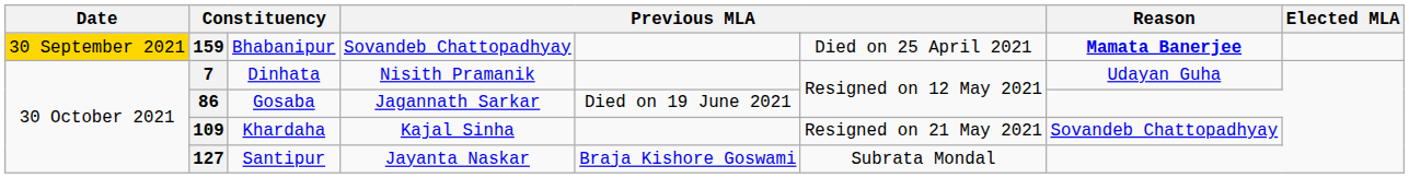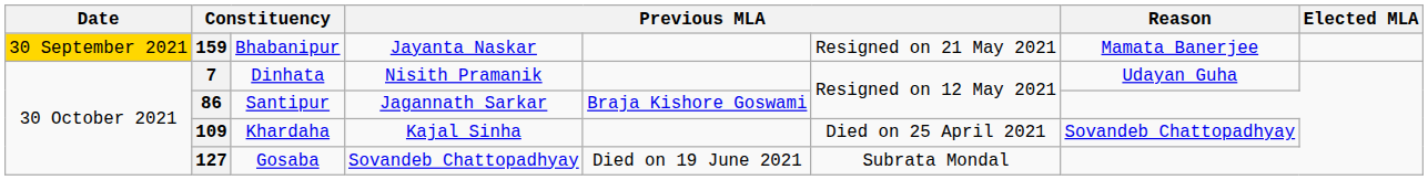 <table class="wikitable sortable" style="text-align:center;">
 <tr>
 <th>Date</th>
 <th colspan="2">Constituency</th>
 <th colspan="3">Previous MLA</th>
 <th>Reason</th>
 <th colspan="3">Elected MLA</th>
 </tr>
 <tr>
 <td style="background: gold;">30 September 2021</td>
 <th>159</th>
 <td><a href='#'>Bhabanipur</a></td>
-<td><a href='#'>Sovandeb Chattopadhyay</a></td>
+<td><a href='#'>Jayanta Naskar</a></td>
 <td></td>
-<td>Died on 25 April 2021</td>
-<td><strong><a href='#'>Mamata Banerjee</a></strong></td>
+<td>Resigned on 21 May 2021</td>
+<td><a href='#'>Mamata Banerjee</a></td>
 <td></td>
 </tr>
 <tr>
 <td rowspan="4">30 October 2021</td>
 <th>7</th>
 <td><a href='#'>Dinhata</a></td>
 <td><a href='#'>Nisith Pramanik</a></td>
 <td></td>
 <td rowspan=2>Resigned on 12 May 2021</td>
 <td><a href='#'>Udayan Guha</a></td>
 </tr>
 <tr>
 <th>86</th>
-<td><a href='#'>Gosaba</a></td>
+<td><a href='#'>Santipur</a></td>
 <td><a href='#'>Jagannath Sarkar</a></td>
-<td>Died on 19 June 2021</td>
+<td><a href='#'>Braja Kishore Goswami</a></td>
 </tr>
 <tr>
 <th>109</th>
 <td><a href='#'>Khardaha</a></td>
 <td><a href='#'>Kajal Sinha</a></td>
 <td></td>
-<td>Resigned on 21 May 2021</td>
+<td>Died on 25 April 2021</td>
 <td><a href='#'>Sovandeb Chattopadhyay</a></td>
 </tr>
 <tr>
 <th>127</th>
-<td><a href='#'>Santipur</a></td>
-<td><a href='#'>Jayanta Naskar</a></td>
-<td><a href='#'>Braja Kishore Goswami</a></td>
+<td><a href='#'>Gosaba</a></td>
+<td><a href='#'>Sovandeb Chattopadhyay</a></td>
+<td>Died on 19 June 2021</td>
 <td>Subrata Mondal</td>
 </tr>
 </table>
